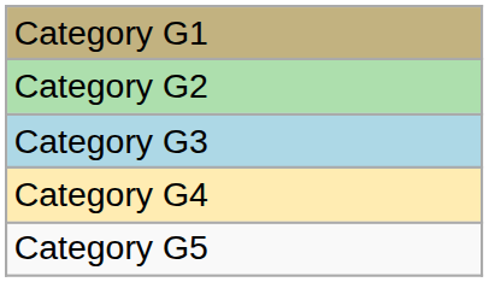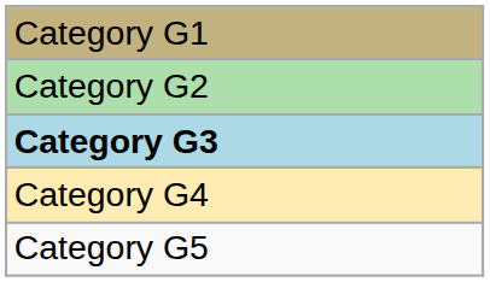 <table class="wikitable" style="font-size:85%;" width=15%>
 <tr bgcolor=#C2B280>
 <td>Category G1</td>
 </tr>
 <tr bgcolor="#ADDFAD">
 <td>Category G2</td>
 </tr>
 <tr bgcolor="lightblue">
-<td>Category G3</td>
+<td><strong>Category G3</strong></td>
 </tr>
 <tr bgcolor=#ffecb2>
 <td>Category G4</td>
 </tr>
 <tr>
 <td>Category G5</td>
 </tr>
 </table>
